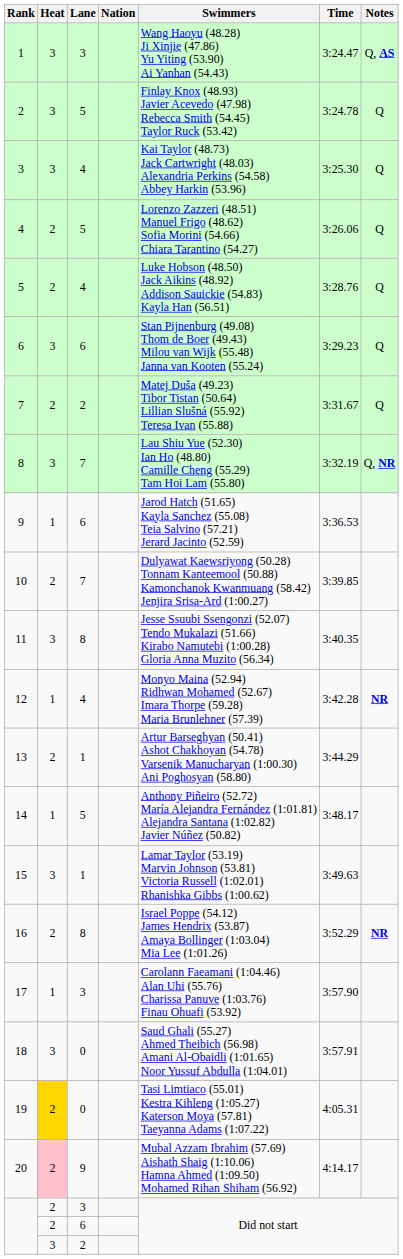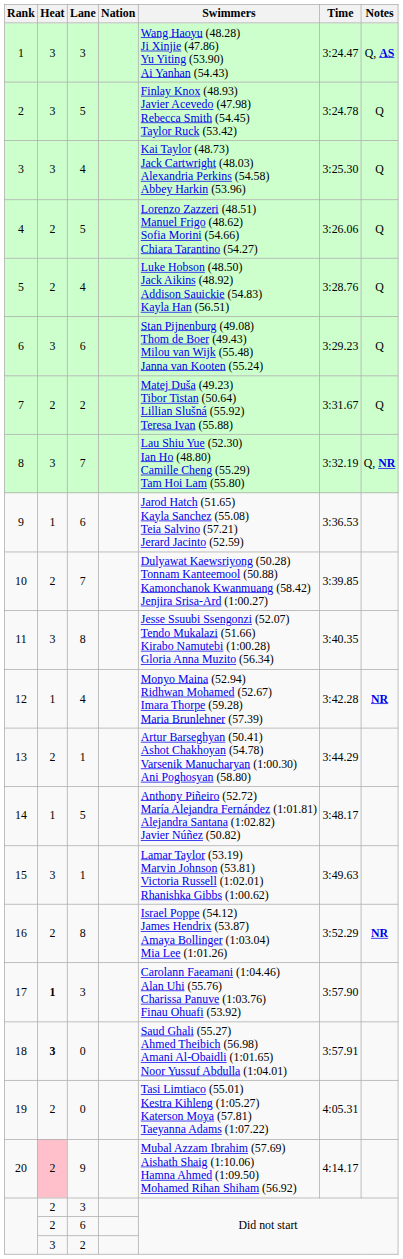 <table class="wikitable sortable" style="text-align:center">
 <tr>
 <th>Rank</th>
 <th>Heat</th>
 <th>Lane</th>
 <th>Nation</th>
 <th>Swimmers</th>
 <th>Time</th>
 <th>Notes</th>
 </tr>
 <tr bgcolor=ccffcc>
 <td>1</td>
 <td>3</td>
 <td>3</td>
 <td align=left></td>
 <td align=left><a href='#'>Wang Haoyu</a> (48.28)<br><a href='#'>Ji Xinjie</a> (47.86)<br><a href='#'>Yu Yiting</a> (53.90)<br><a href='#'>Ai Yanhan</a> (54.43)</td>
 <td>3:24.47</td>
 <td>Q, <strong><a href='#'>AS</a></strong></td>
 </tr>
 <tr bgcolor=ccffcc>
 <td>2</td>
 <td>3</td>
 <td>5</td>
 <td align=left></td>
 <td align=left><a href='#'>Finlay Knox</a> (48.93)<br><a href='#'>Javier Acevedo</a> (47.98)<br><a href='#'>Rebecca Smith</a> (54.45)<br><a href='#'>Taylor Ruck</a> (53.42)</td>
 <td>3:24.78</td>
 <td>Q</td>
 </tr>
 <tr bgcolor=ccffcc>
 <td>3</td>
 <td>3</td>
 <td>4</td>
 <td align=left></td>
 <td align=left><a href='#'>Kai Taylor</a> (48.73)<br><a href='#'>Jack Cartwright</a> (48.03)<br><a href='#'>Alexandria Perkins</a> (54.58)<br><a href='#'>Abbey Harkin</a> (53.96)</td>
 <td>3:25.30</td>
 <td>Q</td>
 </tr>
 <tr bgcolor=ccffcc>
 <td>4</td>
 <td>2</td>
 <td>5</td>
 <td align=left></td>
 <td align=left><a href='#'>Lorenzo Zazzeri</a> (48.51)<br><a href='#'>Manuel Frigo</a> (48.62)<br><a href='#'>Sofia Morini</a> (54.66)<br><a href='#'>Chiara Tarantino</a> (54.27)</td>
 <td>3:26.06</td>
 <td>Q</td>
 </tr>
 <tr bgcolor=ccffcc>
 <td>5</td>
 <td>2</td>
 <td>4</td>
 <td align=left></td>
 <td align=left><a href='#'>Luke Hobson</a> (48.50)<br><a href='#'>Jack Aikins</a> (48.92)<br><a href='#'>Addison Sauickie</a> (54.83)<br><a href='#'>Kayla Han</a> (56.51)</td>
 <td>3:28.76</td>
 <td>Q</td>
 </tr>
 <tr bgcolor=ccffcc>
 <td>6</td>
 <td>3</td>
 <td>6</td>
 <td align=left></td>
 <td align=left><a href='#'>Stan Pijnenburg</a> (49.08)<br><a href='#'>Thom de Boer</a> (49.43)<br><a href='#'>Milou van Wijk</a> (55.48)<br><a href='#'>Janna van Kooten</a> (55.24)</td>
 <td>3:29.23</td>
 <td>Q</td>
 </tr>
 <tr bgcolor=ccffcc>
 <td>7</td>
 <td>2</td>
 <td>2</td>
 <td align=left></td>
 <td align=left><a href='#'>Matej Duša</a> (49.23)<br><a href='#'>Tibor Tistan</a> (50.64)<br><a href='#'>Lillian Slušná</a> (55.92)<br><a href='#'>Teresa Ivan</a> (55.88)</td>
 <td>3:31.67</td>
 <td>Q</td>
 </tr>
 <tr bgcolor=ccffcc>
 <td>8</td>
 <td>3</td>
 <td>7</td>
 <td align=left></td>
 <td align=left><a href='#'>Lau Shiu Yue</a> (52.30)<br><a href='#'>Ian Ho</a> (48.80)<br><a href='#'>Camille Cheng</a> (55.29)<br><a href='#'>Tam Hoi Lam</a> (55.80)</td>
 <td>3:32.19</td>
 <td>Q, <strong><a href='#'>NR</a></strong></td>
 </tr>
 <tr>
 <td>9</td>
 <td>1</td>
 <td>6</td>
 <td align=left></td>
 <td align=left><a href='#'>Jarod Hatch</a> (51.65)<br><a href='#'>Kayla Sanchez</a> (55.08)<br><a href='#'>Teia Salvino</a> (57.21)<br><a href='#'>Jerard Jacinto</a> (52.59)</td>
 <td>3:36.53</td>
 <td></td>
 </tr>
 <tr>
 <td>10</td>
 <td>2</td>
 <td>7</td>
 <td align=left></td>
 <td align=left><a href='#'>Dulyawat Kaewsriyong</a> (50.28)<br><a href='#'>Tonnam Kanteemool</a> (50.88)<br><a href='#'>Kamonchanok Kwanmuang</a> (58.42)<br><a href='#'>Jenjira Srisa-Ard</a> (1:00.27)</td>
 <td>3:39.85</td>
 <td></td>
 </tr>
 <tr>
 <td>11</td>
 <td>3</td>
 <td>8</td>
 <td align=left></td>
 <td align=left><a href='#'>Jesse Ssuubi Ssengonzi</a> (52.07)<br><a href='#'>Tendo Mukalazi</a> (51.66)<br><a href='#'>Kirabo Namutebi</a> (1:00.28)<br><a href='#'>Gloria Anna Muzito</a> (56.34)</td>
 <td>3:40.35</td>
 <td></td>
 </tr>
 <tr>
 <td>12</td>
 <td>1</td>
 <td>4</td>
 <td align=left></td>
 <td align=left><a href='#'>Monyo Maina</a> (52.94)<br><a href='#'>Ridhwan Mohamed</a> (52.67)<br><a href='#'>Imara Thorpe</a> (59.28)<br><a href='#'>Maria Brunlehner</a> (57.39)</td>
 <td>3:42.28</td>
 <td><strong><a href='#'>NR</a></strong></td>
 </tr>
 <tr>
 <td>13</td>
 <td>2</td>
 <td>1</td>
 <td align=left></td>
 <td align=left><a href='#'>Artur Barseghyan</a> (50.41)<br><a href='#'>Ashot Chakhoyan</a> (54.78)<br><a href='#'>Varsenik Manucharyan</a> (1:00.30)<br><a href='#'>Ani Poghosyan</a> (58.80)</td>
 <td>3:44.29</td>
 <td></td>
 </tr>
 <tr>
 <td>14</td>
 <td>1</td>
 <td>5</td>
 <td align=left></td>
 <td align=left><a href='#'>Anthony Piñeiro</a> (52.72)<br><a href='#'>María Alejandra Fernández</a> (1:01.81)<br><a href='#'>Alejandra Santana</a> (1:02.82)<br><a href='#'>Javier Núñez</a> (50.82)</td>
 <td>3:48.17</td>
 <td></td>
 </tr>
 <tr>
 <td>15</td>
 <td>3</td>
 <td>1</td>
 <td align=left></td>
 <td align=left><a href='#'>Lamar Taylor</a> (53.19)<br><a href='#'>Marvin Johnson</a> (53.81)<br><a href='#'>Victoria Russell</a> (1:02.01)<br><a href='#'>Rhanishka Gibbs</a> (1:00.62)</td>
 <td>3:49.63</td>
 <td></td>
 </tr>
 <tr>
 <td>16</td>
 <td>2</td>
 <td>8</td>
 <td align=left></td>
 <td align=left><a href='#'>Israel Poppe</a> (54.12)<br><a href='#'>James Hendrix</a> (53.87)<br><a href='#'>Amaya Bollinger</a> (1:03.04)<br><a href='#'>Mia Lee</a> (1:01.26)</td>
 <td>3:52.29</td>
 <td><strong><a href='#'>NR</a></strong></td>
 </tr>
 <tr>
 <td>17</td>
-<td>1</td>
+<td><strong>1</strong></td>
 <td>3</td>
 <td align=left></td>
 <td align=left><a href='#'>Carolann Faeamani</a> (1:04.46)<br><a href='#'>Alan Uhi</a> (55.76)<br><a href='#'>Charissa Panuve</a> (1:03.76)<br><a href='#'>Finau Ohuafi</a> (53.92)</td>
 <td>3:57.90</td>
 <td></td>
 </tr>
 <tr>
 <td>18</td>
-<td>3</td>
+<td><strong>3</strong></td>
 <td>0</td>
 <td align=left></td>
 <td align=left><a href='#'>Saud Ghali</a> (55.27)<br><a href='#'>Ahmed Theibich</a> (56.98)<br><a href='#'>Amani Al-Obaidli</a> (1:01.65)<br><a href='#'>Noor Yussuf Abdulla</a> (1:04.01)</td>
 <td>3:57.91</td>
 <td></td>
 </tr>
 <tr>
 <td>19</td>
-<td style="background: gold;">2</td>
+<td>2</td>
 <td>0</td>
 <td align=left></td>
 <td align=left><a href='#'>Tasi Limtiaco</a> (55.01)<br><a href='#'>Kestra Kihleng</a> (1:05.27)<br><a href='#'>Katerson Moya</a> (57.81)<br><a href='#'>Taeyanna Adams</a> (1:07.22)</td>
 <td>4:05.31</td>
 <td></td>
 </tr>
 <tr>
 <td>20</td>
 <td style="background: pink;">2</td>
 <td>9</td>
 <td align=left></td>
 <td align=left><a href='#'>Mubal Azzam Ibrahim</a> (57.69)<br><a href='#'>Aishath Shaig</a> (1:10.06)<br><a href='#'>Hamna Ahmed</a> (1:09.50)<br><a href='#'>Mohamed Rihan Shiham</a> (56.92)</td>
 <td>4:14.17</td>
 <td></td>
 </tr>
 <tr>
 <td rowspan=3></td>
 <td>2</td>
 <td>3</td>
 <td align=left></td>
 <td rowspan=3 colspan=3>Did not start</td>
 </tr>
 <tr>
 <td>2</td>
 <td>6</td>
 <td align=left></td>
 </tr>
 <tr>
 <td>3</td>
 <td>2</td>
 <td align=left></td>
 </tr>
 </table>
